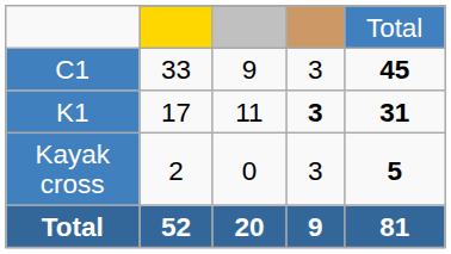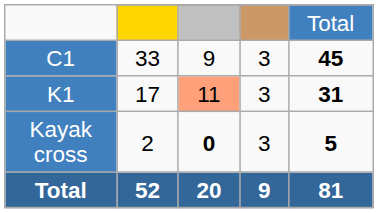 <table class="wikitable" style="font-size:95%; text-align:center; border:gray solid 1px; width:40%;">
 <tr>
 <td rowspan="2" style="width:3%;"></td>
 </tr>
 <tr>
 <td style="width:2%;" bgcolor=gold></td>
 <td style="width:2%;" bgcolor=silver></td>
 <td style="width:2%;" bgcolor=cc9966></td>
 <td style="width:2%; background-color:#4180be; color:white;">Total</td>
 </tr>
 <tr>
 <td style="background-color:#4180be; color:white;">C1</td>
 <td>33</td>
 <td>9</td>
 <td>3</td>
 <td><strong>45</strong></td>
 </tr>
 <tr>
 <td style="background-color:#4180be; color:white;">K1</td>
 <td>17</td>
-<td>11</td>
-<td><strong>3</strong></td>
+<td style="background: lightsalmon;">11</td>
+<td>3</td>
 <td><strong>31</strong></td>
 </tr>
 <tr>
 <td style="background-color:#4180be; color:white;">Kayak cross</td>
 <td>2</td>
-<td>0</td>
+<td><strong>0</strong></td>
 <td>3</td>
 <td><strong>5</strong></td>
 </tr>
 <tr style="background:#369; color:white;">
 <td><strong>Total</strong></td>
 <td><strong>52</strong></td>
 <td><strong>20</strong></td>
 <td><strong>9</strong></td>
 <td><strong>81</strong></td>
 </tr>
 </table>
